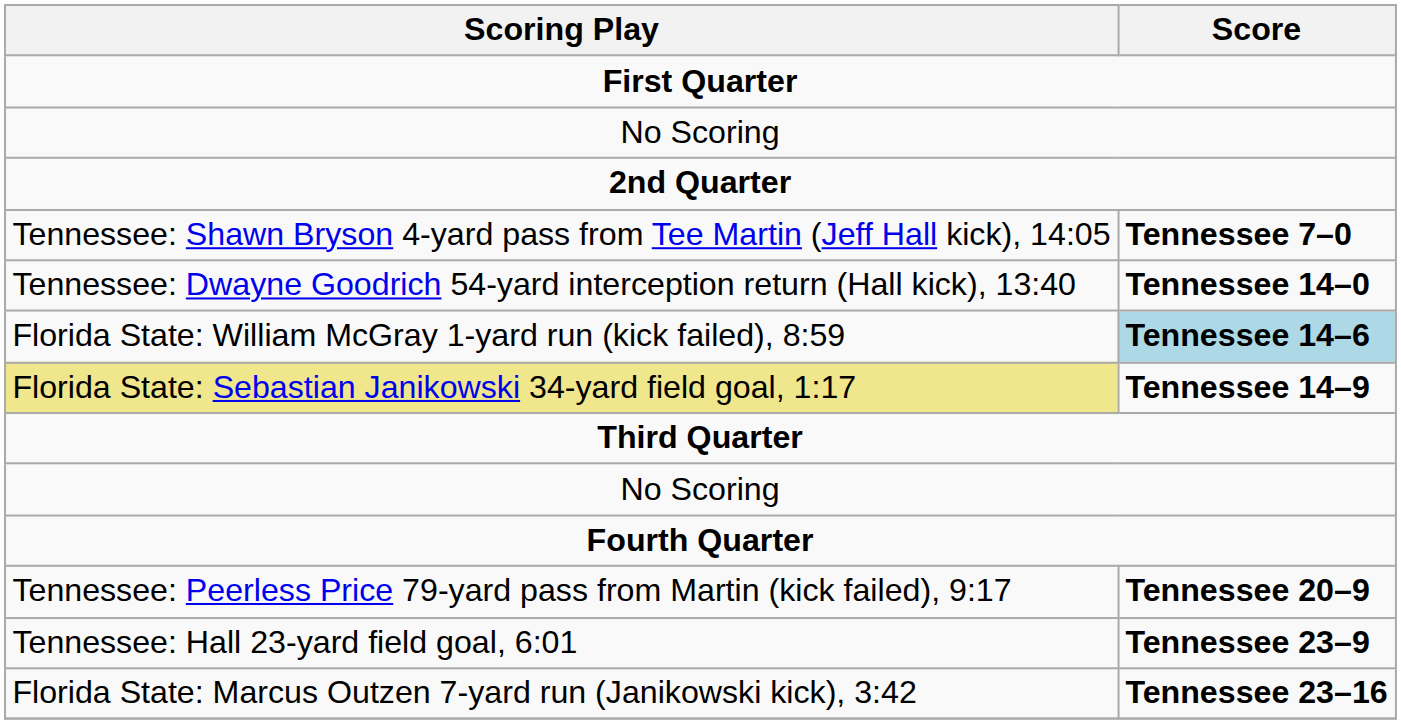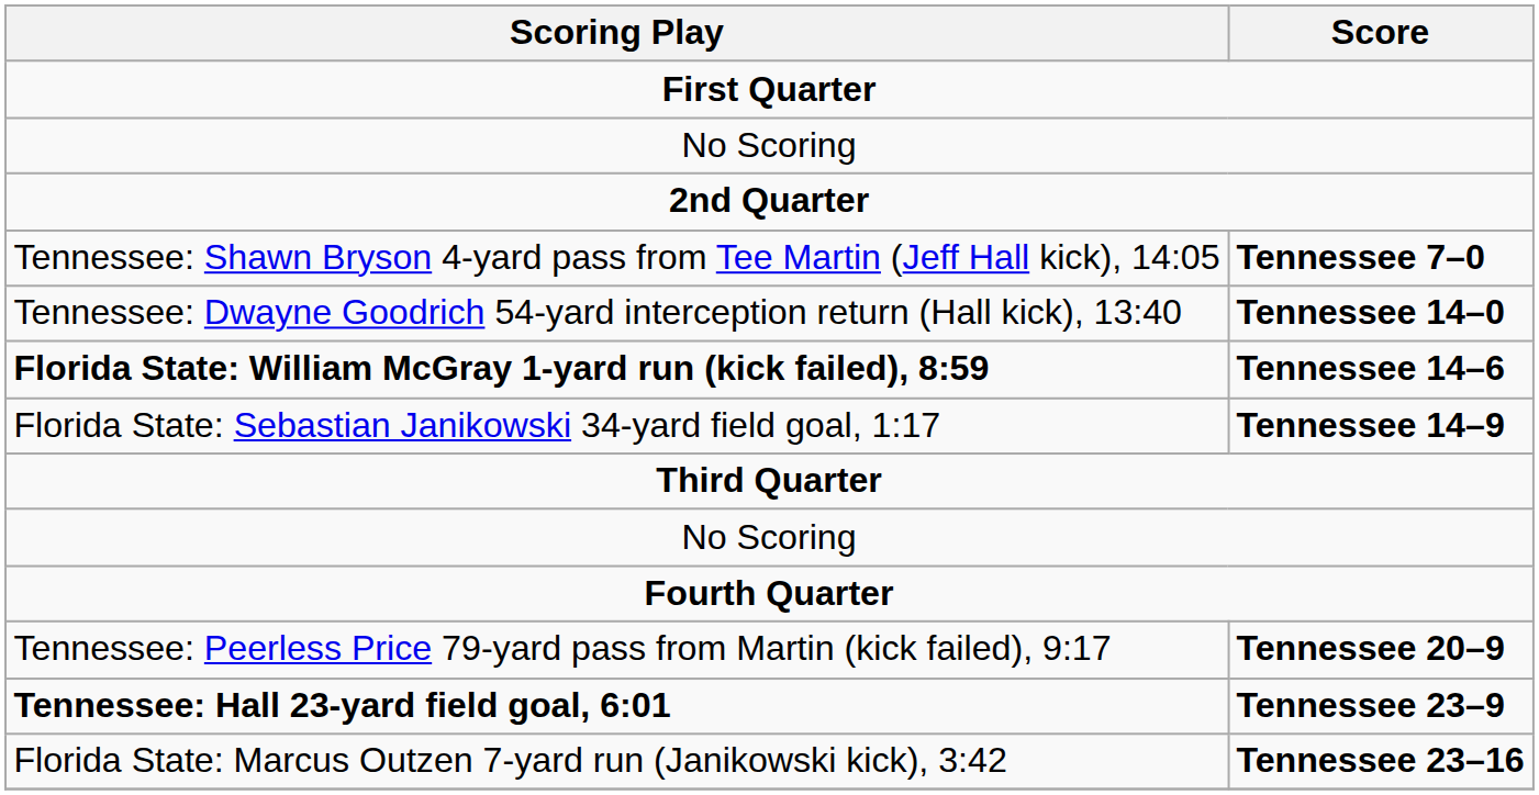 <table class="wikitable">
 <tr>
 <th>Scoring Play</th>
 <th>Score</th>
 </tr>
 <tr>
 <td colspan="4" align="center"><strong>First Quarter</strong></td>
 </tr>
 <tr>
 <td colspan="4" align="center">No Scoring</td>
 </tr>
 <tr>
 <td colspan="4" align="center"><strong>2nd Quarter</strong></td>
 </tr>
 <tr>
 <td>Tennessee: <a href='#'>Shawn Bryson</a> 4-yard pass from <a href='#'>Tee Martin</a> (<a href='#'>Jeff Hall</a> kick), 14:05</td>
 <td><strong>Tennessee 7–0</strong></td>
 </tr>
 <tr>
 <td>Tennessee: <a href='#'>Dwayne Goodrich</a> 54-yard interception return (Hall kick), 13:40</td>
 <td><strong>Tennessee 14–0</strong></td>
 </tr>
 <tr>
-<td>Florida State: William McGray 1-yard run (kick failed), 8:59</td>
-<td style="background: lightblue;"><strong>Tennessee 14–6</strong></td>
+<td><strong>Florida State: William McGray 1-yard run (kick failed), 8:59</strong></td>
+<td><strong>Tennessee 14–6</strong></td>
 </tr>
 <tr>
-<td style="background: khaki;">Florida State: <a href='#'>Sebastian Janikowski</a> 34-yard field goal, 1:17</td>
+<td>Florida State: <a href='#'>Sebastian Janikowski</a> 34-yard field goal, 1:17</td>
 <td><strong>Tennessee 14–9</strong></td>
 </tr>
 <tr>
 <td colspan="6" align="center"><strong>Third Quarter</strong></td>
 </tr>
 <tr>
 <td colspan="6" align="center">No Scoring</td>
 </tr>
 <tr>
 <td colspan="6" align="center"><strong>Fourth Quarter</strong></td>
 </tr>
 <tr>
 <td>Tennessee: <a href='#'>Peerless Price</a> 79-yard pass from Martin (kick failed), 9:17</td>
 <td><strong>Tennessee 20–9</strong></td>
 </tr>
 <tr>
-<td>Tennessee: Hall 23-yard field goal, 6:01</td>
+<td><strong>Tennessee: Hall 23-yard field goal, 6:01</strong></td>
 <td><strong>Tennessee 23–9</strong></td>
 </tr>
 <tr>
 <td>Florida State: Marcus Outzen 7-yard run (Janikowski kick), 3:42</td>
 <td><strong>Tennessee 23–16</strong></td>
 </tr>
 <tr>
 </tr>
 </table>
